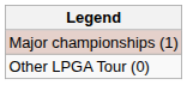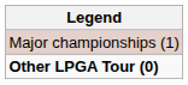 <table class="wikitable" style="font-size:95%;">
 <tr>
 <th>Legend</th>
 </tr>
 <tr style="background:#e5d1cb;">
 <td>Major championships (1)</td>
 </tr>
 <tr>
-<td>Other LPGA Tour (0)</td>
+<td><strong>Other LPGA Tour (0)</strong></td>
 </tr>
 </table>
